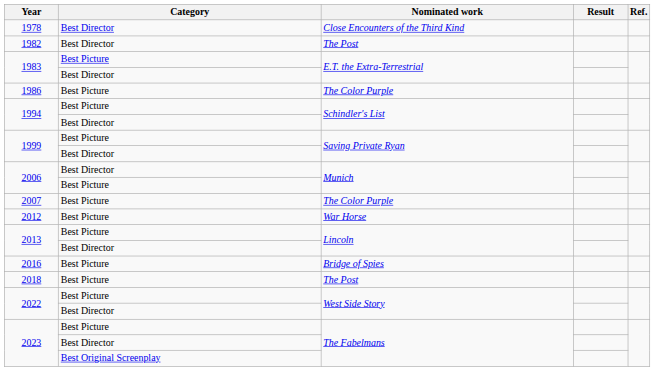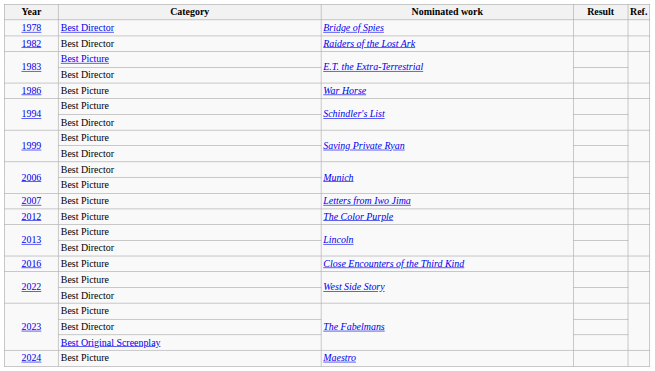 <table class="wikitable sortable">
 <tr>
 <th scope="col" style="width:5em;">Year</th>
 <th scope="col" style="width:26em;">Category</th>
 <th scope="col" style="width:25em;">Nominated work</th>
 <th scope="col" style="width:5em;">Result</th>
 <th class=unsortable>Ref.</th>
 </tr>
 <tr>
 <td style="text-align:center;"><a href='#'>1978</a></td>
 <td><a href='#'>Best Director</a></td>
-<td><em><a href='#'>Close Encounters of the Third Kind</a></em></td>
+<td><em><a href='#'>Bridge of Spies</a></em></td>
 <td></td>
 <td style="text-align:center;"></td>
 </tr>
 <tr>
 <td style="text-align:center;"><a href='#'>1982</a></td>
 <td>Best Director</td>
-<td><em><a href='#'>The Post</a></em></td>
+<td><em><a href='#'>Raiders of the Lost Ark</a></em></td>
 <td></td>
 <td></td>
 </tr>
 <tr>
 <td style="text-align:center;" rowspan="2"><a href='#'>1983</a></td>
 <td><a href='#'>Best Picture</a></td>
 <td rowspan="2"><em><a href='#'>E.T. the Extra-Terrestrial</a></em></td>
 <td></td>
 <td rowspan=2, style="text-align:center;"></td>
 </tr>
 <tr>
 <td>Best Director</td>
 <td></td>
 </tr>
 <tr>
 <td style="text-align:center;"><a href='#'>1986</a></td>
 <td rowspan="1">Best Picture</td>
-<td><em><a href='#'>The Color Purple</a></em></td>
+<td><em><a href='#'>War Horse</a></em></td>
 <td></td>
 <td style="text-align:center;"></td>
 </tr>
 <tr>
 <td style="text-align:center;",  rowspan="2"><a href='#'>1994</a></td>
 <td rowspan="1">Best Picture</td>
 <td rowspan="2"><em><a href='#'>Schindler's List</a></em></td>
 <td></td>
 <td rowspan=2, style="text-align:center;"></td>
 </tr>
 <tr>
 <td>Best Director</td>
 <td></td>
 </tr>
 <tr>
 <td style="text-align:center;" rowspan="2"><a href='#'>1999</a></td>
 <td>Best Picture</td>
 <td rowspan="2"><em><a href='#'>Saving Private Ryan</a></em></td>
 <td></td>
 <td rowspan=2, style="text-align:center;"></td>
 </tr>
 <tr>
 <td rowspan="1">Best Director</td>
 <td></td>
 </tr>
 <tr>
 <td style="text-align:center;" rowspan="2"><a href='#'>2006</a></td>
 <td rowspan="1">Best Director</td>
 <td rowspan="2"><em><a href='#'>Munich</a></em></td>
 <td></td>
 <td rowspan=2, style="text-align:center;"></td>
 </tr>
 <tr>
 <td rowspan="1”">Best Picture</td>
 <td></td>
 </tr>
 <tr>
 <td style="text-align:center;"><a href='#'>2007</a></td>
 <td rowspan="1”">Best Picture</td>
-<td><em><a href='#'>The Color Purple</a></em></td>
+<td><em><a href='#'>Letters from Iwo Jima</a></em></td>
 <td></td>
 <td style="text-align:center;"></td>
 </tr>
 <tr>
 <td style="text-align:center;"><a href='#'>2012</a></td>
 <td rowspan="1”">Best Picture</td>
-<td><em><a href='#'>War Horse</a></em></td>
+<td><em><a href='#'>The Color Purple</a></em></td>
 <td></td>
 <td style="text-align:center;"></td>
 </tr>
 <tr>
 <td style="text-align:center;" rowspan="2"><a href='#'>2013</a></td>
 <td rowspan="1”">Best Picture</td>
 <td rowspan="2"><em><a href='#'>Lincoln</a></em></td>
 <td></td>
 <td rowspan=2, style="text-align:center;"></td>
 </tr>
 <tr>
 <td>Best Director</td>
 <td></td>
 </tr>
 <tr>
 <td style="text-align:center;"><a href='#'>2016</a></td>
 <td rowspan="1">Best Picture</td>
-<td><em><a href='#'>Bridge of Spies</a></em></td>
-<td></td>
-<td style="text-align:center;"></td>
-</tr>
-<tr>
-<td style="text-align:center;"><a href='#'>2018</a></td>
-<td rowspan="1">Best Picture</td>
-<td><em><a href='#'>The Post</a></em></td>
+<td><em><a href='#'>Close Encounters of the Third Kind</a></em></td>
 <td></td>
 <td style="text-align:center;"></td>
 </tr>
 <tr>
 <td style="text-align:center;" rowspan="2"><a href='#'>2022</a></td>
 <td rowspan="1">Best Picture</td>
 <td rowspan="2"><em><a href='#'>West Side Story</a></em></td>
 <td></td>
 <td rowspan=2, style="text-align:center;"></td>
 </tr>
 <tr>
 <td>Best Director</td>
 <td></td>
 </tr>
 <tr>
 <td style="text-align:center;" rowspan="3"><a href='#'>2023</a></td>
 <td>Best Picture</td>
 <td rowspan="3"><em><a href='#'>The Fabelmans</a></em></td>
 <td></td>
 <td align="center" rowspan="3"></td>
 </tr>
 <tr>
 <td>Best Director</td>
 <td></td>
 </tr>
 <tr>
 <td><a href='#'>Best Original Screenplay</a></td>
 <td></td>
 </tr>
+<tr>
+<td style="text-align:center;"><a href='#'>2024</a></td>
+<td>Best Picture</td>
+<td><em><a href='#'>Maestro</a></em></td>
+<td></td>
+<td></td>
+</tr>
 </table>
